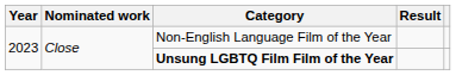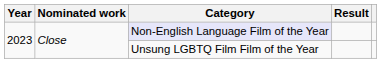 <table class="wikitable sortable">
 <tr>
 <th>Year</th>
 <th>Nominated work</th>
 <th>Category</th>
 <th>Result</th>
 <th class="unsortable"></th>
 </tr>
 <tr>
 <td rowspan="2">2023</td>
 <td rowspan="2"><em>Close</em></td>
-<td>Non-English Language Film of the Year</td>
+<td style="background: lavender;">Non-English Language Film of the Year</td>
 <td></td>
 <td></td>
 </tr>
 <tr>
-<td><strong>Unsung LGBTQ Film Film of the Year</strong></td>
+<td>Unsung LGBTQ Film Film of the Year</td>
 <td></td>
 <td></td>
 </tr>
 </table>
